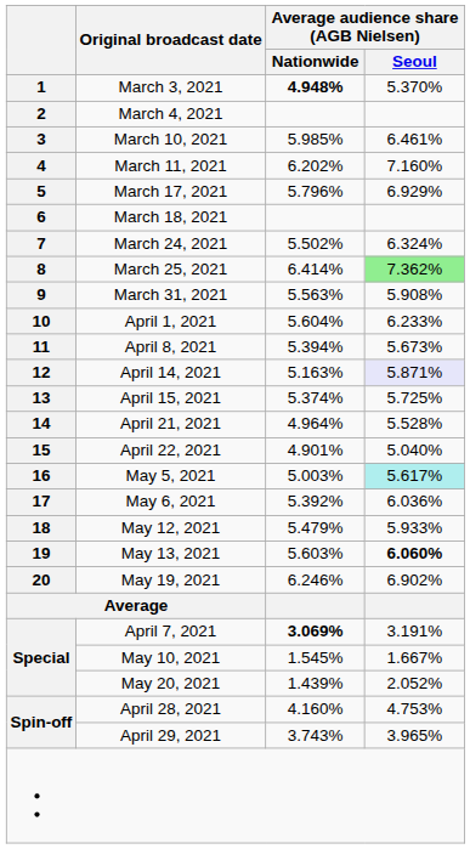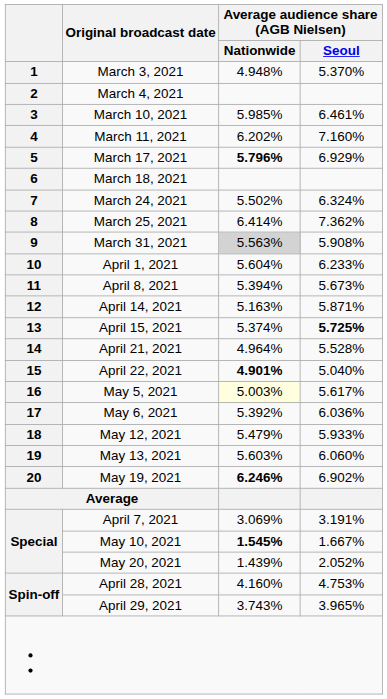 <table class="wikitable" style="text-align:center;max-width:500px; margin-left: auto; margin-right: auto; border: none;">
 <tr>
 </tr>
 <tr>
 <th rowspan="2"></th>
 <th rowspan="2">Original broadcast date</th>
 <th colspan="2">Average audience share<br>(AGB Nielsen)</th>
 </tr>
 <tr>
 <th width="90">Nationwide</th>
 <th width="90"><a href='#'>Seoul</a></th>
 </tr>
 <tr>
 <th>1</th>
 <td>March 3, 2021</td>
-<td><strong>4.948% </strong></td>
+<td>4.948% </td>
 <td>5.370% </td>
 </tr>
 <tr>
 <th>2</th>
 <td>March 4, 2021</td>
 <td> </td>
 <td> </td>
 </tr>
 <tr>
 <th>3</th>
 <td>March 10, 2021</td>
 <td>5.985% </td>
 <td>6.461% </td>
 </tr>
 <tr>
 <th>4</th>
 <td>March 11, 2021</td>
 <td>6.202% </td>
 <td>7.160% </td>
 </tr>
 <tr>
 <th>5</th>
 <td>March 17, 2021</td>
-<td>5.796% </td>
+<td><strong>5.796% </strong></td>
 <td>6.929% </td>
 </tr>
 <tr>
 <th>6</th>
 <td>March 18, 2021</td>
 <td> </td>
 <td> </td>
 </tr>
 <tr>
 <th>7</th>
 <td>March 24, 2021</td>
 <td>5.502% </td>
 <td>6.324% </td>
 </tr>
 <tr>
 <th>8</th>
 <td>March 25, 2021</td>
 <td>6.414% </td>
-<td style="background: lightgreen;">7.362% </td>
+<td>7.362% </td>
 </tr>
 <tr>
 <th>9</th>
 <td>March 31, 2021</td>
-<td>5.563% </td>
+<td style="background: lightgrey;">5.563% </td>
 <td>5.908% </td>
 </tr>
 <tr>
 <th>10</th>
 <td>April 1, 2021</td>
 <td>5.604% </td>
 <td>6.233% </td>
 </tr>
 <tr>
 <th>11</th>
 <td>April 8, 2021</td>
 <td>5.394% </td>
 <td>5.673% </td>
 </tr>
 <tr>
 <th>12</th>
 <td>April 14, 2021</td>
 <td>5.163% </td>
-<td style="background: lavender;">5.871% </td>
+<td>5.871% </td>
 </tr>
 <tr>
 <th>13</th>
 <td>April 15, 2021</td>
 <td>5.374% </td>
-<td>5.725% </td>
+<td><strong>5.725% </strong></td>
 </tr>
 <tr>
 <th>14</th>
 <td>April 21, 2021</td>
 <td>4.964% </td>
 <td>5.528% </td>
 </tr>
 <tr>
 <th>15</th>
 <td>April 22, 2021</td>
-<td>4.901% </td>
+<td><strong>4.901% </strong></td>
 <td>5.040% </td>
 </tr>
 <tr>
 <th>16</th>
 <td>May 5, 2021</td>
-<td>5.003% </td>
-<td style="background: paleturquoise;">5.617% </td>
+<td style="background: lightyellow;">5.003% </td>
+<td>5.617% </td>
 </tr>
 <tr>
 <th>17</th>
 <td>May 6, 2021</td>
 <td>5.392% </td>
 <td>6.036% </td>
 </tr>
 <tr>
 <th>18</th>
 <td>May 12, 2021</td>
 <td>5.479% </td>
 <td>5.933% </td>
 </tr>
 <tr>
 <th>19</th>
 <td>May 13, 2021</td>
 <td>5.603% </td>
-<td><strong>6.060% </strong></td>
+<td>6.060% </td>
 </tr>
 <tr>
 <th>20</th>
 <td>May 19, 2021</td>
-<td>6.246% </td>
+<td><strong>6.246% </strong></td>
 <td>6.902% </td>
 </tr>
 <tr>
 <th colspan="2">Average</th>
 <th></th>
 <th></th>
 </tr>
 <tr>
 <th rowspan=3>Special</th>
 <td>April 7, 2021</td>
-<td><strong>3.069% </strong></td>
+<td>3.069% </td>
 <td>3.191% </td>
 </tr>
 <tr>
 <td>May 10, 2021</td>
-<td>1.545% </td>
+<td><strong>1.545% </strong></td>
 <td>1.667% </td>
 </tr>
 <tr>
 <td>May 20, 2021</td>
 <td>1.439% </td>
 <td>2.052% </td>
 </tr>
 <tr>
 <th rowspan=2>Spin-off</th>
 <td>April 28, 2021</td>
 <td>4.160% </td>
 <td>4.753% </td>
 </tr>
 <tr>
 <td>April 29, 2021</td>
 <td>3.743% </td>
 <td>3.965% </td>
 </tr>
 <tr>
 <td colspan="4"><br><ul><li></li><li></li></ul></td>
 </tr>
 </table>
